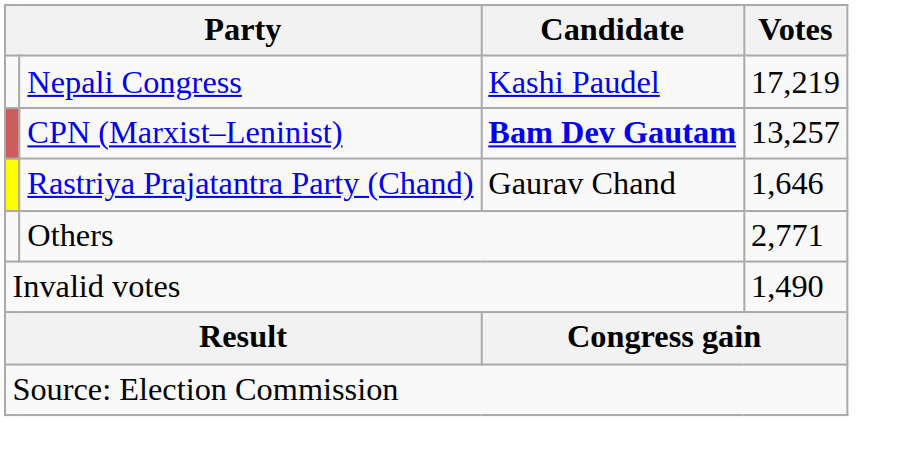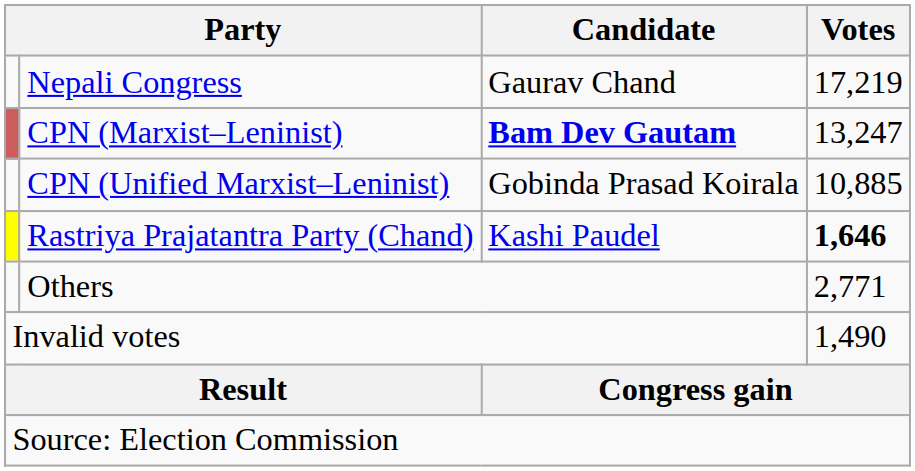 <table class="wikitable">
 <tr>
 <th colspan="2">Party</th>
 <th>Candidate</th>
 <th>Votes</th>
 </tr>
 <tr>
 <td style="background-color:"></td>
 <td><a href='#'>Nepali Congress</a></td>
-<td><a href='#'>Kashi Paudel</a></td>
+<td>Gaurav Chand</td>
 <td>17,219</td>
 </tr>
 <tr>
 <td style="background-color:indianred"></td>
 <td><a href='#'>CPN (Marxist–Leninist)</a></td>
 <td><strong><a href='#'>Bam Dev Gautam</a></strong></td>
-<td>13,257</td>
+<td>13,247</td>
+</tr>
+<tr>
+<td style="background-color:"></td>
+<td><a href='#'>CPN (Unified Marxist–Leninist)</a></td>
+<td>Gobinda Prasad Koirala</td>
+<td>10,885</td>
 </tr>
 <tr>
 <td style="background-color:yellow"></td>
 <td><a href='#'>Rastriya Prajatantra Party (Chand)</a></td>
-<td>Gaurav Chand</td>
-<td>1,646</td>
+<td><a href='#'>Kashi Paudel</a></td>
+<td><strong>1,646</strong></td>
 </tr>
 <tr>
 <td></td>
 <td colspan="2">Others</td>
 <td>2,771</td>
 </tr>
 <tr>
 <td colspan="3">Invalid votes</td>
 <td>1,490</td>
 </tr>
 <tr>
 <th colspan="2">Result</th>
 <th colspan="2">Congress gain</th>
 </tr>
 <tr>
 <td colspan="4">Source: Election Commission</td>
 </tr>
 </table>
